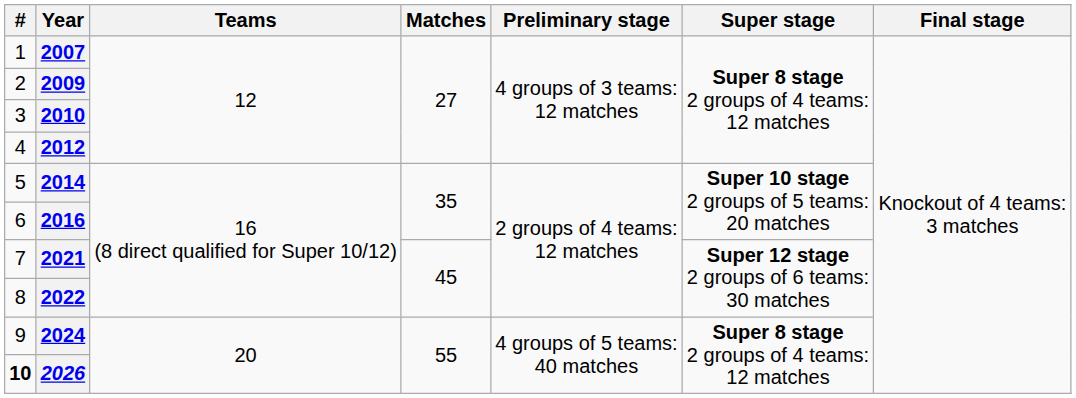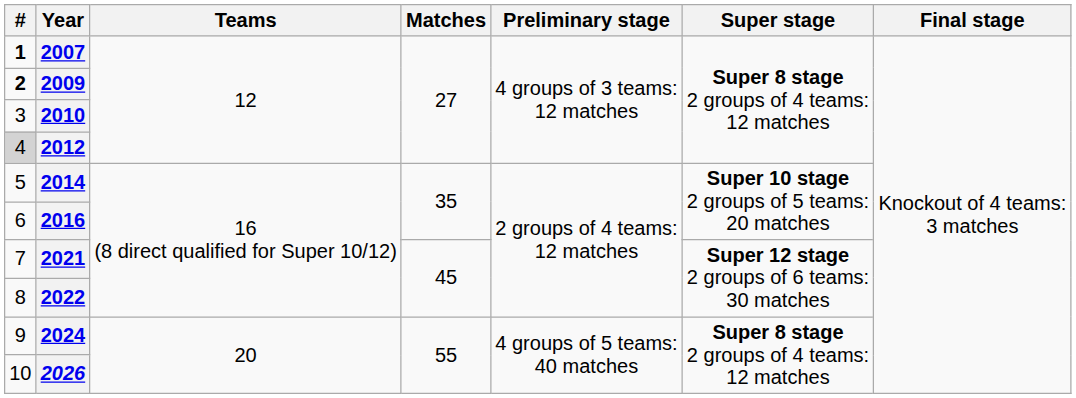 <table class="wikitable sortable plainrowheaders" style="text-align:center">
 <tr>
 <th scope="col">#</th>
 <th scope="col">Year</th>
 <th scope="col">Teams</th>
 <th scope="col">Matches</th>
 <th scope="col">Preliminary stage</th>
 <th scope="col">Super stage</th>
 <th scope="col">Final stage</th>
 </tr>
 <tr>
-<td>1</td>
+<td><strong>1</strong></td>
 <th scope="row"><a href='#'>2007</a></th>
 <td rowspan="4">12</td>
 <td rowspan="4">27</td>
 <td rowspan="4">4 groups of 3 teams:<br>12 matches</td>
 <td rowspan="4"><strong>Super 8 stage</strong><br>2 groups of 4 teams:<br>12 matches</td>
 <td rowspan="10">Knockout of 4 teams:<br>3 matches</td>
 </tr>
 <tr>
-<td>2</td>
+<td><strong>2</strong></td>
 <th scope="row"><a href='#'>2009</a></th>
 </tr>
 <tr>
 <td>3</td>
 <th scope="row"><a href='#'>2010</a></th>
 </tr>
 <tr>
-<td>4</td>
+<td style="background: lightgrey;">4</td>
 <th scope="row"><a href='#'>2012</a></th>
 </tr>
 <tr>
 <td>5</td>
 <th scope="row"><a href='#'>2014</a></th>
 <td rowspan="4">16<br>(8 direct qualified for Super 10/12)</td>
 <td rowspan="2">35</td>
 <td rowspan="4">2 groups of 4 teams:<br>12 matches</td>
 <td rowspan="2"><strong>Super 10 stage</strong><br>2 groups of 5 teams:<br>20 matches</td>
 </tr>
 <tr>
 <td>6</td>
 <th scope="row"><a href='#'>2016</a></th>
 </tr>
 <tr>
 <td>7</td>
 <th scope="row"><a href='#'>2021</a></th>
 <td rowspan="2">45</td>
 <td rowspan="2"><strong>Super 12 stage</strong><br>2 groups of 6 teams:<br>30 matches</td>
 </tr>
 <tr>
 <td>8</td>
 <th scope="row"><a href='#'>2022</a></th>
 </tr>
 <tr>
 <td>9</td>
 <th scope="row"><a href='#'>2024</a></th>
 <td rowspan="2">20</td>
 <td rowspan="2">55</td>
 <td rowspan="2">4 groups of 5 teams:<br>40 matches</td>
 <td rowspan="2"><strong>Super 8 stage</strong><br>2 groups of 4 teams:<br>12 matches</td>
 </tr>
 <tr>
-<td><strong>10</strong></td>
+<td>10</td>
 <th scope="row"><a href='#'><em>2026</em></a></th>
 </tr>
 </table>
